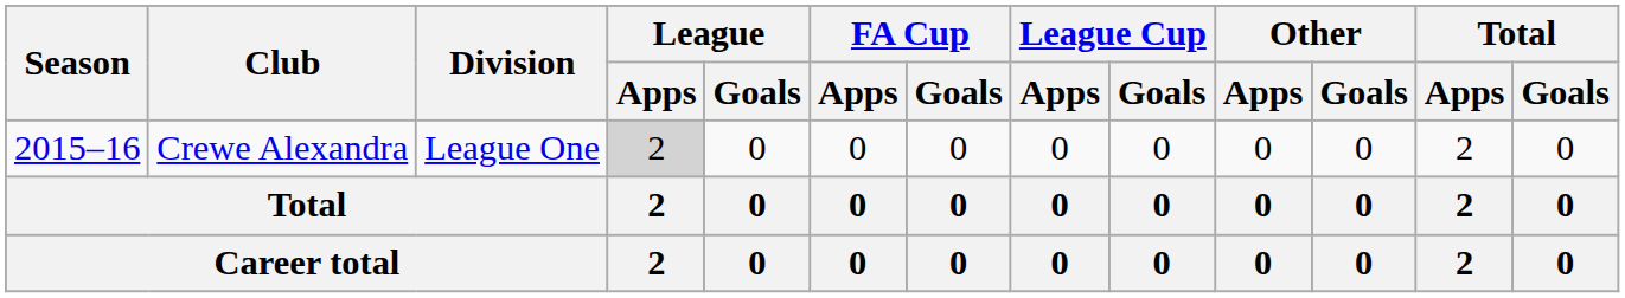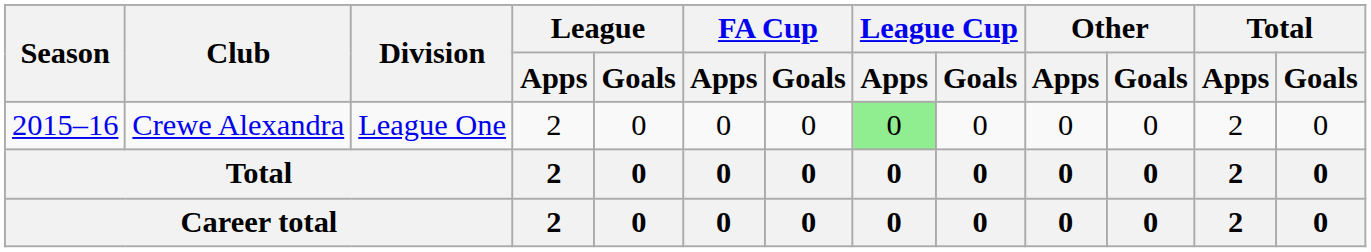 <table class="wikitable" style="text-align:center;">
 <tr>
 <th rowspan="2">Season</th>
 <th rowspan="2">Club</th>
 <th rowspan="2">Division</th>
 <th colspan="2">League</th>
 <th colspan="2"><a href='#'>FA Cup</a></th>
 <th colspan="2"><a href='#'>League Cup</a></th>
 <th colspan="2">Other</th>
 <th colspan="2">Total</th>
 </tr>
 <tr>
 <th>Apps</th>
 <th>Goals</th>
 <th>Apps</th>
 <th>Goals</th>
 <th>Apps</th>
 <th>Goals</th>
 <th>Apps</th>
 <th>Goals</th>
 <th>Apps</th>
 <th>Goals</th>
 </tr>
 <tr>
 <td><a href='#'>2015–16</a></td>
 <td><a href='#'>Crewe Alexandra</a></td>
 <td><a href='#'>League One</a></td>
-<td style="background: lightgrey;">2</td>
+<td>2</td>
 <td>0</td>
 <td>0</td>
 <td>0</td>
-<td>0</td>
+<td style="background: lightgreen;">0</td>
 <td>0</td>
 <td>0</td>
 <td>0</td>
 <td>2</td>
 <td>0</td>
 </tr>
 <tr>
 <th colspan="3">Total</th>
 <th>2</th>
 <th>0</th>
 <th>0</th>
 <th>0</th>
 <th>0</th>
 <th>0</th>
 <th>0</th>
 <th>0</th>
 <th>2</th>
 <th>0</th>
 </tr>
 <tr>
 <th colspan="3">Career total</th>
 <th>2</th>
 <th>0</th>
 <th>0</th>
 <th>0</th>
 <th>0</th>
 <th>0</th>
 <th>0</th>
 <th>0</th>
 <th>2</th>
 <th>0</th>
 </tr>
 </table>
